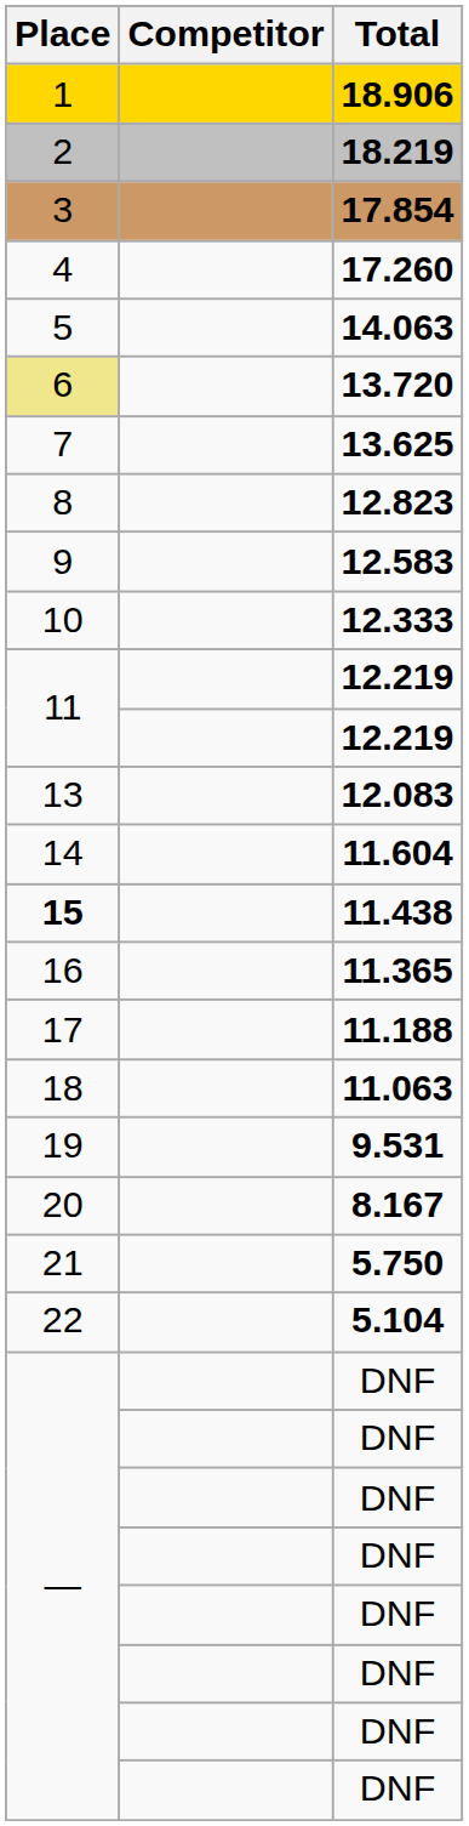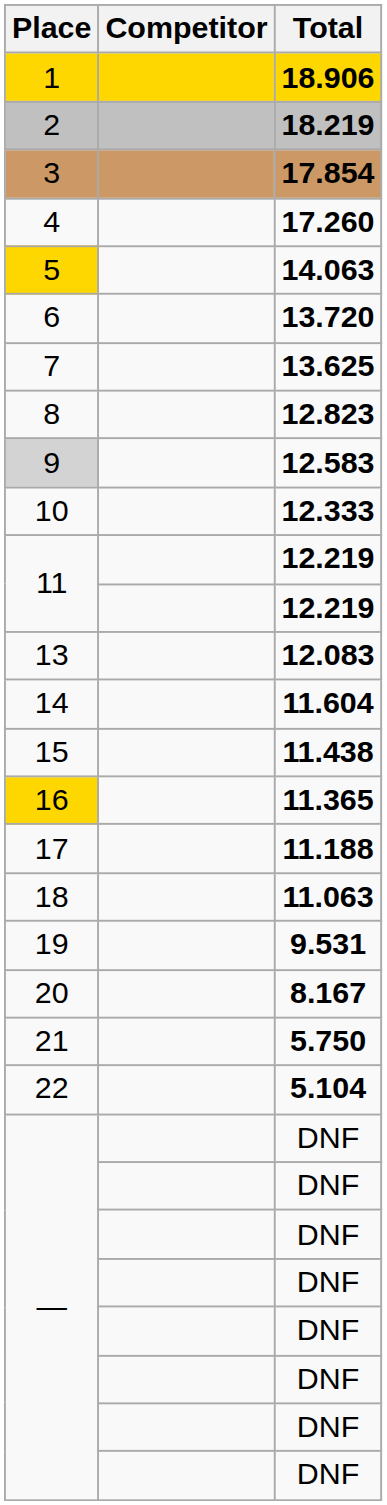 <table class=wikitable style="text-align:center">
 <tr>
 <th>Place</th>
 <th>Competitor</th>
 <th>Total</th>
 </tr>
 <tr align=center bgcolor=gold>
 <td>1</td>
 <td align=left></td>
 <td><strong>18.906</strong></td>
 </tr>
 <tr align=center bgcolor=silver>
 <td>2</td>
 <td align=left></td>
 <td><strong>18.219</strong></td>
 </tr>
 <tr align=center bgcolor=cc9966>
 <td>3</td>
 <td align=left></td>
 <td><strong>17.854</strong></td>
 </tr>
 <tr>
 <td>4</td>
 <td align=left></td>
 <td><strong>17.260</strong></td>
 </tr>
 <tr>
-<td>5</td>
+<td style="background: gold;">5</td>
 <td align=left></td>
 <td><strong>14.063</strong></td>
 </tr>
 <tr>
-<td style="background: khaki;">6</td>
+<td>6</td>
 <td align=left></td>
 <td><strong>13.720</strong></td>
 </tr>
 <tr>
 <td>7</td>
 <td align=left></td>
 <td><strong>13.625</strong></td>
 </tr>
 <tr>
 <td>8</td>
 <td align=left></td>
 <td><strong>12.823</strong></td>
 </tr>
 <tr>
-<td>9</td>
+<td style="background: lightgrey;">9</td>
 <td align=left></td>
 <td><strong>12.583</strong></td>
 </tr>
 <tr>
 <td>10</td>
 <td align=left></td>
 <td><strong>12.333</strong></td>
 </tr>
 <tr>
 <td rowspan=2>11</td>
 <td align=left></td>
 <td><strong>12.219</strong></td>
 </tr>
 <tr>
 <td align=left></td>
 <td><strong>12.219</strong></td>
 </tr>
 <tr>
 <td>13</td>
 <td align=left></td>
 <td><strong>12.083</strong></td>
 </tr>
 <tr>
 <td>14</td>
 <td align=left></td>
 <td><strong>11.604</strong></td>
 </tr>
 <tr>
-<td><strong>15</strong></td>
+<td>15</td>
 <td align=left></td>
 <td><strong>11.438</strong></td>
 </tr>
 <tr>
-<td>16</td>
+<td style="background: gold;">16</td>
 <td align=left></td>
 <td><strong>11.365</strong></td>
 </tr>
 <tr>
 <td>17</td>
 <td align=left></td>
 <td><strong>11.188</strong></td>
 </tr>
 <tr>
 <td>18</td>
 <td align=left></td>
 <td><strong>11.063</strong></td>
 </tr>
 <tr>
 <td>19</td>
 <td align=left></td>
 <td><strong>9.531</strong></td>
 </tr>
 <tr>
 <td>20</td>
 <td align=left></td>
 <td><strong>8.167</strong></td>
 </tr>
 <tr>
 <td>21</td>
 <td align=left></td>
 <td><strong>5.750</strong></td>
 </tr>
 <tr>
 <td>22</td>
 <td align=left></td>
 <td><strong>5.104</strong></td>
 </tr>
 <tr>
 <td rowspan=8>—</td>
 <td align=left></td>
 <td>DNF</td>
 </tr>
 <tr>
 <td align=left></td>
 <td>DNF</td>
 </tr>
 <tr>
 <td align=left></td>
 <td>DNF</td>
 </tr>
 <tr>
 <td align=left></td>
 <td>DNF</td>
 </tr>
 <tr>
 <td align=left></td>
 <td>DNF</td>
 </tr>
 <tr>
 <td align=left></td>
 <td>DNF</td>
 </tr>
 <tr>
 <td align=left></td>
 <td>DNF</td>
 </tr>
 <tr>
 <td align=left></td>
 <td>DNF</td>
 </tr>
 </table>
